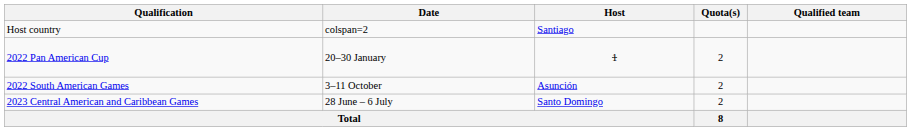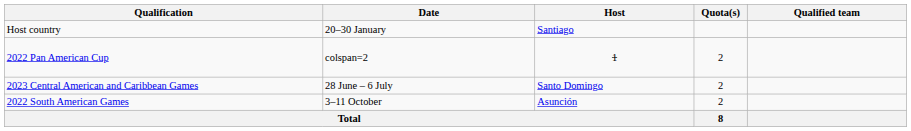 <table class="wikitable" width=70%>
 <tr>
 <th width=30%>Qualification</th>
 <th width=20%>Date</th>
 <th width=15%>Host</th>
 <th width=5%>Quota(s)</th>
 <th width=15%>Qualified team</th>
 </tr>
 <tr>
 <td>Host country</td>
-<td>colspan=2 </td>
+<td>20–30 January</td>
 <td> <a href='#'>Santiago</a></td>
 <td></td>
 </tr>
 <tr>
 <td><a href='#'>2022 Pan American Cup</a></td>
-<td>20–30 January</td>
+<td>colspan=2 </td>
 <td align=center><s>1</s></td>
 <td align=center>2</td>
 <td><br><br><br></td>
+</tr>
+<tr>
+<td><a href='#'>2023 Central American and Caribbean Games</a></td>
+<td>28 June – 6 July</td>
+<td> <a href='#'>Santo Domingo</a></td>
+<td align=center>2</td>
+<td><br></td>
 </tr>
 <tr>
 <td><a href='#'>2022 South American Games</a></td>
 <td>3–11 October</td>
 <td> <a href='#'>Asunción</a></td>
 <td align=center>2</td>
 <td><br></td>
 </tr>
 <tr>
-<td><a href='#'>2023 Central American and Caribbean Games</a></td>
-<td>28 June – 6 July</td>
-<td> <a href='#'>Santo Domingo</a></td>
-<td align=center>2</td>
-<td><br></td>
-</tr>
-<tr>
 <th colspan=3>Total</th>
 <th>8</th>
 <th></th>
 </tr>
 </table>
